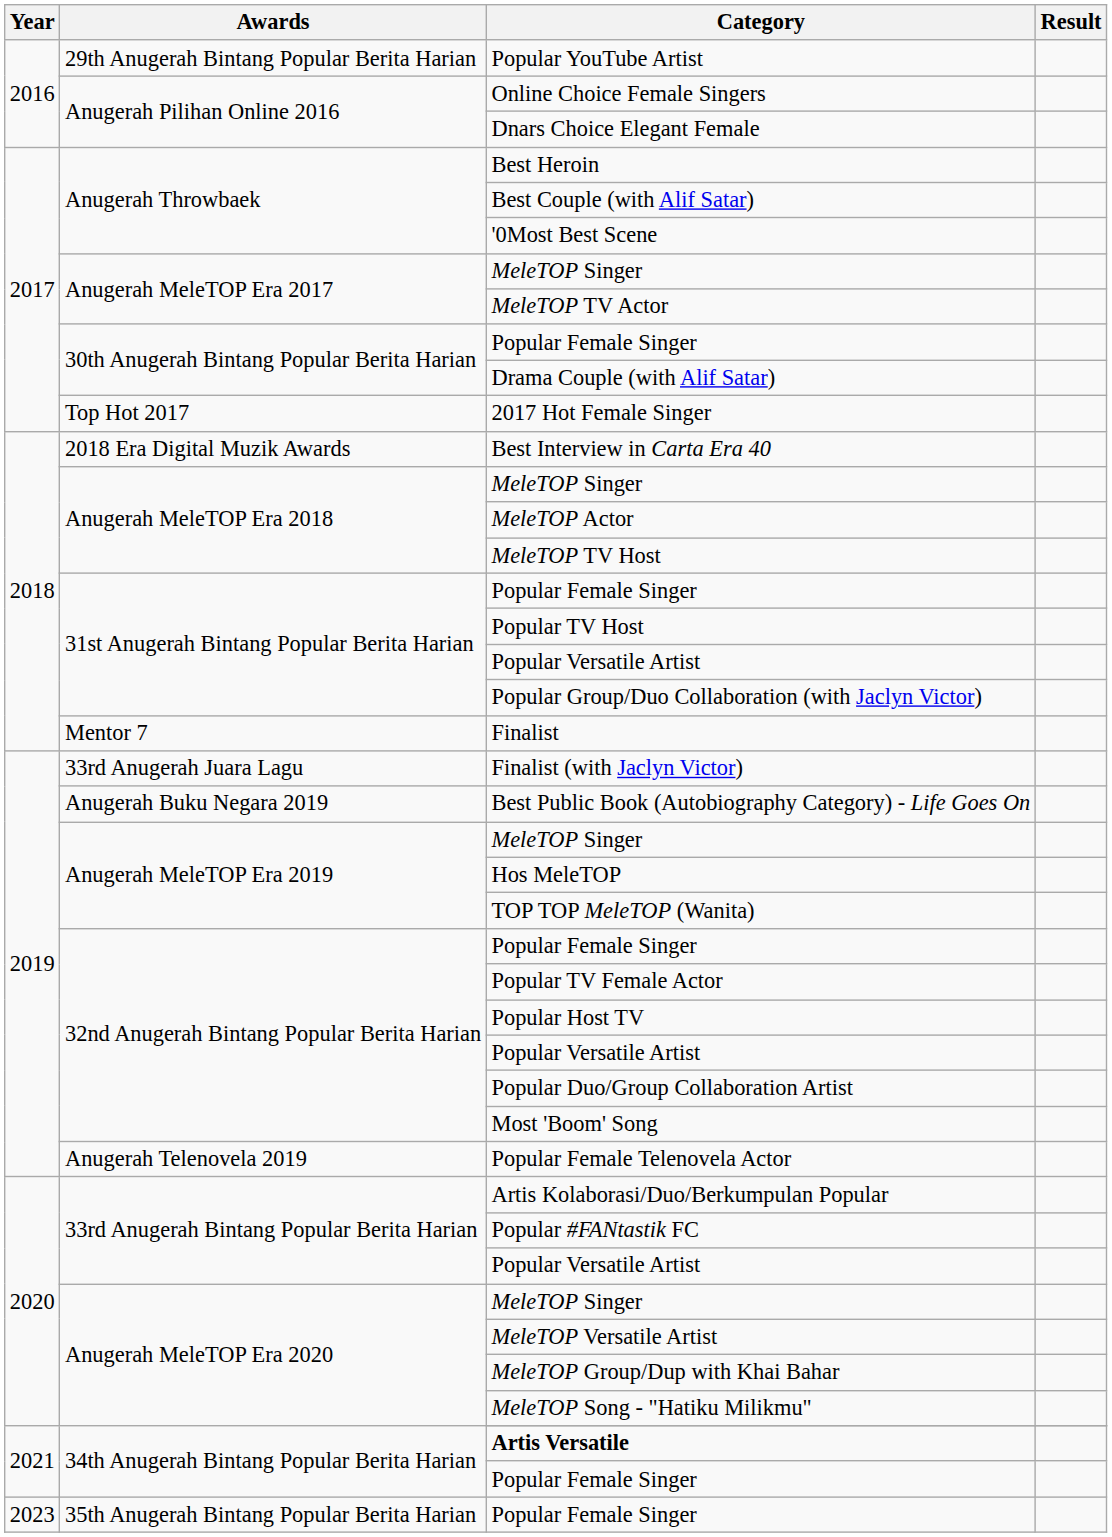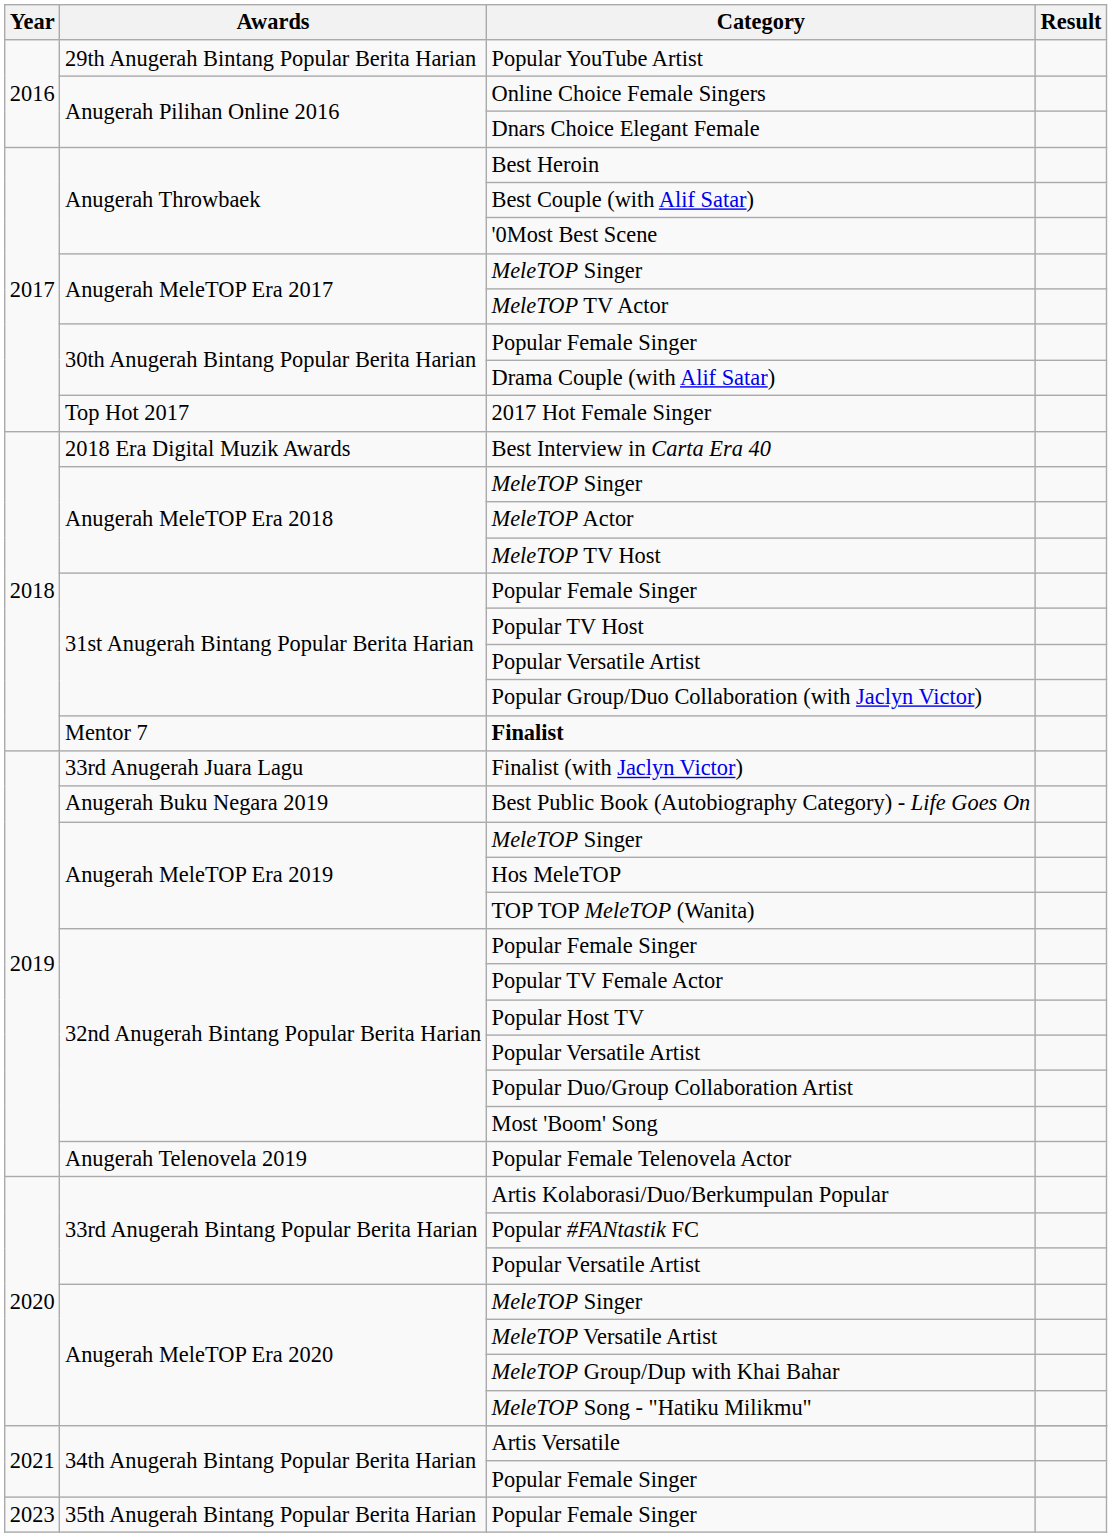 <table class="wikitable">
 <tr>
 <th>Year</th>
 <th>Awards</th>
 <th>Category</th>
 <th>Result</th>
 </tr>
 <tr>
 <td rowspan="3">2016</td>
 <td>29th Anugerah Bintang Popular Berita Harian</td>
 <td>Popular YouTube Artist</td>
 <td></td>
 </tr>
 <tr>
 <td rowspan="2">Anugerah Pilihan Online 2016</td>
 <td>Online Choice Female Singers</td>
 <td></td>
 </tr>
 <tr>
 <td>Dnars Choice Elegant Female</td>
 <td></td>
 </tr>
 <tr>
 <td rowspan="8">2017</td>
 <td rowspan=3>Anugerah Throwbaek</td>
 <td>Best Heroin</td>
 <td></td>
 </tr>
 <tr>
 <td>Best Couple (with <a href='#'>Alif Satar</a>)</td>
 <td></td>
 </tr>
 <tr>
 <td>'0Most Best Scene</td>
 <td></td>
 </tr>
 <tr>
 <td rowspan=2>Anugerah MeleTOP Era 2017</td>
 <td><em>MeleTOP</em> Singer</td>
 <td></td>
 </tr>
 <tr>
 <td><em>MeleTOP</em> TV Actor</td>
 <td></td>
 </tr>
 <tr>
 <td rowspan="2">30th Anugerah Bintang Popular Berita Harian</td>
 <td>Popular Female Singer</td>
 <td></td>
 </tr>
 <tr>
 <td>Drama Couple (with <a href='#'>Alif Satar</a>)</td>
 <td></td>
 </tr>
 <tr>
 <td>Top Hot 2017</td>
 <td>2017 Hot Female Singer</td>
 <td></td>
 </tr>
 <tr>
 <td rowspan="9">2018</td>
 <td>2018 Era Digital Muzik Awards</td>
 <td>Best Interview in <em>Carta Era 40</em></td>
 <td></td>
 </tr>
 <tr>
 <td rowspan=3>Anugerah MeleTOP Era 2018</td>
 <td><em>MeleTOP</em> Singer</td>
 <td></td>
 </tr>
 <tr>
 <td><em>MeleTOP</em> Actor</td>
 <td></td>
 </tr>
 <tr>
 <td><em>MeleTOP</em> TV Host</td>
 <td></td>
 </tr>
 <tr>
 <td rowspan=4>31st Anugerah Bintang Popular Berita Harian</td>
 <td>Popular Female Singer</td>
 <td></td>
 </tr>
 <tr>
 <td>Popular TV Host</td>
 <td></td>
 </tr>
 <tr>
 <td>Popular Versatile Artist</td>
 <td></td>
 </tr>
 <tr>
 <td>Popular Group/Duo Collaboration (with <a href='#'>Jaclyn Victor</a>)</td>
 <td></td>
 </tr>
 <tr>
 <td>Mentor 7</td>
-<td>Finalist</td>
+<td><strong>Finalist</strong></td>
 <td></td>
 </tr>
 <tr>
 <td rowspan="12">2019</td>
 <td>33rd Anugerah Juara Lagu</td>
 <td>Finalist (with <a href='#'>Jaclyn Victor</a>)</td>
 <td></td>
 </tr>
 <tr>
 <td>Anugerah Buku Negara 2019</td>
 <td>Best Public Book (Autobiography Category) - <em>Life Goes On</em></td>
 <td></td>
 </tr>
 <tr>
 <td rowspan="3">Anugerah MeleTOP Era 2019</td>
 <td><em>MeleTOP</em> Singer</td>
 <td></td>
 </tr>
 <tr>
 <td>Hos MeleTOP</td>
 <td></td>
 </tr>
 <tr>
 <td>TOP TOP <em>MeleTOP</em> (Wanita)</td>
 <td></td>
 </tr>
 <tr>
 <td rowspan="6">32nd Anugerah Bintang Popular Berita Harian</td>
 <td>Popular Female Singer</td>
 <td></td>
 </tr>
 <tr>
 <td>Popular TV Female Actor</td>
 <td></td>
 </tr>
 <tr>
 <td>Popular Host TV</td>
 <td></td>
 </tr>
 <tr>
 <td>Popular Versatile Artist</td>
 <td></td>
 </tr>
 <tr>
 <td>Popular Duo/Group Collaboration Artist</td>
 <td></td>
 </tr>
 <tr>
 <td>Most 'Boom' Song</td>
 <td></td>
 </tr>
 <tr>
 <td>Anugerah Telenovela 2019</td>
 <td>Popular Female Telenovela Actor</td>
 <td></td>
 </tr>
 <tr>
 <td rowspan="7">2020</td>
 <td rowspan="3">33rd Anugerah Bintang Popular Berita Harian</td>
 <td>Artis Kolaborasi/Duo/Berkumpulan Popular</td>
 <td></td>
 </tr>
 <tr>
 <td>Popular <em>#FANtastik</em> FC</td>
 <td></td>
 </tr>
 <tr>
 <td>Popular Versatile Artist</td>
 <td></td>
 </tr>
 <tr>
 <td rowspan=4>Anugerah MeleTOP Era 2020</td>
 <td><em>MeleTOP</em> Singer</td>
 <td></td>
 </tr>
 <tr>
 <td><em>MeleTOP</em> Versatile Artist</td>
 <td></td>
 </tr>
 <tr>
 <td><em>MeleTOP</em> Group/Dup with Khai Bahar</td>
 <td></td>
 </tr>
 <tr>
 <td><em>MeleTOP</em> Song - "Hatiku Milikmu"</td>
 <td></td>
 </tr>
 <tr>
 <td rowspan="3">2021</td>
 <td rowspan="3">34th Anugerah Bintang Popular Berita Harian</td>
 </tr>
 <tr>
-<td><strong>Artis Versatile</strong></td>
+<td>Artis Versatile</td>
 <td></td>
 </tr>
 <tr>
 <td>Popular Female Singer</td>
 <td></td>
 </tr>
 <tr>
 <td rowspan="16">2023</td>
 <td rowspan="3">35th Anugerah Bintang Popular Berita Harian</td>
 <td>Popular Female Singer</td>
 <td></td>
 </tr>
 </table>
